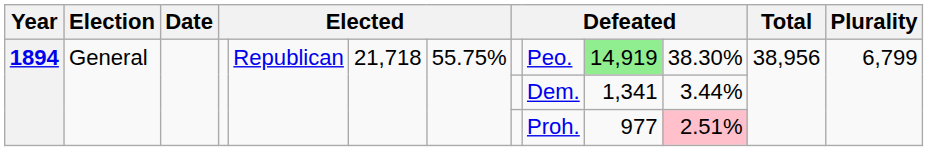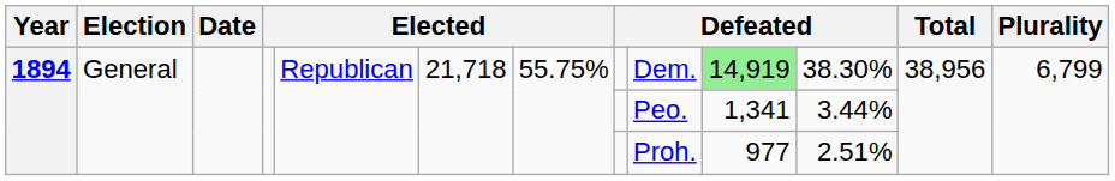 <table class="wikitable">
 <tr>
 <th>Year</th>
 <th>Election</th>
 <th>Date</th>
 <th colspan="4">Elected</th>
 <th colspan="4">Defeated</th>
 <th>Total</th>
 <th>Plurality</th>
 </tr>
 <tr>
 <th rowspan="3" valign="top"><a href='#'>1894</a></th>
 <td rowspan="3" valign="top">General</td>
 <td rowspan="3" valign="top"></td>
 <td rowspan="3" valign="top"></td>
 <td rowspan="3" valign="top" ><a href='#'>Republican</a></td>
 <td rowspan="3" align="right" valign="top">21,718</td>
 <td rowspan="3" align="right" valign="top">55.75%</td>
 <td valign="top"></td>
-<td valign="top" ><a href='#'>Peo.</a></td>
+<td valign="top" ><a href='#'>Dem.</a></td>
 <td align="right" valign="top" style="background: lightgreen;">14,919</td>
 <td align="right" valign="top">38.30%</td>
 <td rowspan="3" align="right" valign="top">38,956</td>
 <td rowspan="3" align="right" valign="top">6,799</td>
 </tr>
 <tr>
 <td valign="top"></td>
-<td valign="top" ><a href='#'>Dem.</a></td>
+<td valign="top" ><a href='#'>Peo.</a></td>
 <td align="right" valign="top">1,341</td>
 <td align="right" valign="top">3.44%</td>
 </tr>
 <tr>
 <td valign="top"></td>
 <td valign="top" ><a href='#'>Proh.</a></td>
 <td align="right" valign="top">977</td>
-<td align="right" valign="top" style="background: pink;">2.51%</td>
+<td align="right" valign="top">2.51%</td>
 </tr>
 </table>
